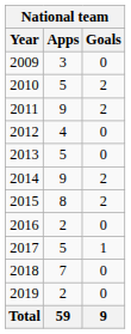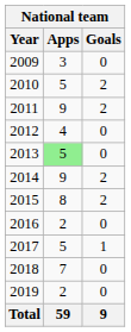 <table class="wikitable" style="text-align:center">
 <tr>
 <th colspan=3>National team</th>
 </tr>
 <tr>
 <th>Year</th>
 <th>Apps</th>
 <th>Goals</th>
 </tr>
 <tr>
 <td>2009</td>
 <td>3</td>
 <td>0</td>
 </tr>
 <tr>
 <td>2010</td>
 <td>5</td>
 <td>2</td>
 </tr>
 <tr>
 <td>2011</td>
 <td>9</td>
 <td>2</td>
 </tr>
 <tr>
 <td>2012</td>
 <td>4</td>
 <td>0</td>
 </tr>
 <tr>
 <td>2013</td>
-<td>5</td>
+<td style="background: lightgreen;">5</td>
 <td>0</td>
 </tr>
 <tr>
 <td>2014</td>
 <td>9</td>
 <td>2</td>
 </tr>
 <tr>
 <td>2015</td>
 <td>8</td>
 <td>2</td>
 </tr>
 <tr>
 <td>2016</td>
 <td>2</td>
 <td>0</td>
 </tr>
 <tr>
 <td>2017</td>
 <td>5</td>
 <td>1</td>
 </tr>
 <tr>
 <td>2018</td>
 <td>7</td>
 <td>0</td>
 </tr>
 <tr>
 <td>2019</td>
 <td>2</td>
 <td>0</td>
 </tr>
 <tr>
 <th>Total</th>
 <th>59</th>
 <th>9</th>
 </tr>
 </table>
